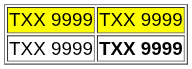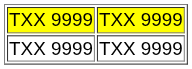 <table border="1" style="margin:1em auto;">
 <tr ---- size="40">
 <td style="background:yellow; text-align:center; font-size: 14pt; color: black; ">TXX 9999</td>
 <td style="background:yellow; text-align:center; font-size: 14pt; color: black">TXX 9999</td>
 </tr>
 <tr>
 <td style="background:white; text-align:center; font-size: 14pt; color: black">TXX 9999</td>
-<td style="background:white; text-align:center; font-size: 14pt; color: black"><strong>TXX 9999</strong></td>
+<td style="background:white; text-align:center; font-size: 14pt; color: black">TXX 9999</td>
 </tr>
 </table>
